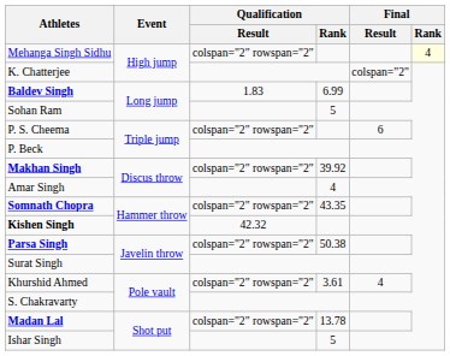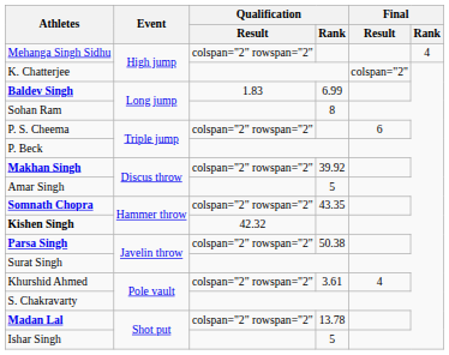 <table class=wikitable style="text-align:center; font-size:90%">
 <tr>
 <th rowspan=2>Athletes</th>
 <th rowspan=2>Event</th>
 <th colspan=2>Qualification</th>
 <th colspan=2>Final</th>
 </tr>
 <tr>
 <th>Result</th>
 <th>Rank</th>
 <th>Result</th>
 <th>Rank</th>
 </tr>
 <tr>
 <td style="text-align:left"><a href='#'>Mehanga Singh Sidhu</a></td>
 <td rowspan="2"><a href='#'>High jump</a></td>
 <td>colspan="2" rowspan="2" </td>
 <td> <strong></strong></td>
 <td></td>
-<td style="background: lightyellow;">4</td>
+<td>4</td>
 </tr>
 <tr>
 <td style="text-align:left">K. Chatterjee</td>
 <td colspan=2></td>
 <td>colspan="2" </td>
 </tr>
 <tr>
 <td style="text-align:left"><strong><a href='#'>Baldev Singh</a></strong></td>
 <td rowspan="2"><a href='#'>Long jump</a></td>
 <td>1.83</td>
 <td>6.99</td>
 <td></td>
 </tr>
 <tr>
 <td style="text-align:left">Sohan Ram</td>
 <td></td>
-<td>5</td>
+<td>8</td>
 </tr>
 <tr>
 <td style="text-align:left">P. S. Cheema</td>
 <td rowspan="2"><a href='#'>Triple jump</a></td>
 <td>colspan="2" rowspan="2" </td>
 <td></td>
 <td>6</td>
 </tr>
 <tr>
 <td style="text-align:left">P. Beck</td>
 <td colspan=2></td>
 </tr>
 <tr>
 <td style="text-align:left"><strong><a href='#'>Makhan Singh</a></strong></td>
 <td rowspan="2"><a href='#'>Discus throw</a></td>
 <td>colspan="2" rowspan="2" </td>
 <td>39.92</td>
 <td></td>
 </tr>
 <tr>
 <td style="text-align:left">Amar Singh</td>
 <td></td>
-<td>4</td>
+<td>5</td>
 </tr>
 <tr>
 <td style="text-align:left"><strong><a href='#'>Somnath Chopra</a></strong></td>
 <td rowspan="2"><a href='#'>Hammer throw</a></td>
 <td>colspan="2" rowspan="2" </td>
 <td>43.35</td>
 <td></td>
 </tr>
 <tr>
 <td style="text-align:left"><strong>Kishen Singh</strong></td>
 <td>42.32</td>
 <td></td>
 </tr>
 <tr>
 <td style="text-align:left"><strong><a href='#'>Parsa Singh</a></strong></td>
 <td rowspan="2"><a href='#'>Javelin throw</a></td>
 <td>colspan="2" rowspan="2" </td>
 <td>50.38</td>
 <td></td>
 </tr>
 <tr>
 <td style="text-align:left">Surat Singh</td>
 <td colspan=2></td>
 </tr>
 <tr>
 <td style="text-align:left">Khurshid Ahmed</td>
 <td rowspan="2"><a href='#'>Pole vault</a></td>
 <td>colspan="2" rowspan="2" </td>
 <td>3.61</td>
 <td>4</td>
 </tr>
 <tr>
 <td style="text-align:left">S. Chakravarty</td>
 <td colspan=2></td>
 </tr>
 <tr>
 <td style="text-align:left"><strong><a href='#'>Madan Lal</a></strong></td>
 <td rowspan="2"><a href='#'>Shot put</a></td>
 <td>colspan="2" rowspan="2" </td>
 <td>13.78</td>
 <td></td>
 </tr>
 <tr>
 <td style="text-align:left">Ishar Singh</td>
 <td></td>
 <td>5</td>
 </tr>
 </table>
